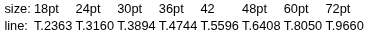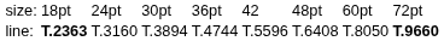 <table style="margin-left:40px;">
 <tr>
 <td>size:</td>
 <td>18pt</td>
 <td>24pt</td>
 <td>30pt</td>
 <td>36pt</td>
 <td>42</td>
 <td>48pt</td>
 <td>60pt</td>
 <td>72pt</td>
 </tr>
 <tr>
 <td>line:</td>
-<td>T.2363</td>
+<td><strong>T.2363</strong></td>
 <td>T.3160</td>
 <td>T.3894</td>
 <td>T.4744</td>
 <td>T.5596</td>
 <td>T.6408</td>
 <td>T.8050</td>
-<td>T.9660</td>
+<td><strong>T.9660</strong></td>
 </tr>
 </table>
